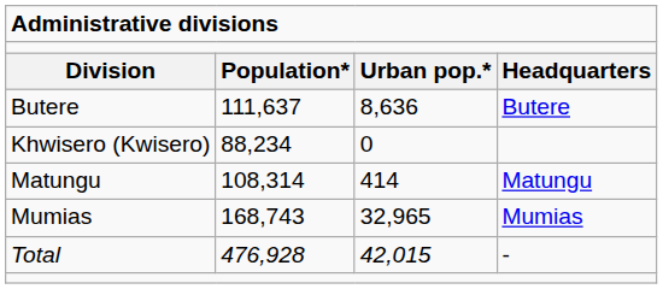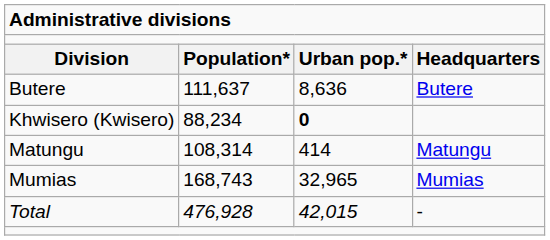 <table class="wikitable">
 <tr>
 <td colspan="4"><strong>Administrative divisions</strong></td>
 </tr>
 <tr>
 <td colspan="4"></td>
 </tr>
 <tr>
 <th>Division</th>
 <th>Population*</th>
 <th>Urban pop.*</th>
 <th>Headquarters</th>
 </tr>
 <tr>
 <td>Butere</td>
 <td>111,637</td>
 <td>8,636</td>
 <td><a href='#'>Butere</a></td>
 </tr>
 <tr>
 <td>Khwisero (Kwisero)</td>
 <td>88,234</td>
-<td>0</td>
+<td><strong>0</strong></td>
 <td></td>
 </tr>
 <tr>
 <td>Matungu</td>
 <td>108,314</td>
 <td>414</td>
 <td><a href='#'>Matungu</a></td>
 </tr>
 <tr>
 <td>Mumias</td>
 <td>168,743</td>
 <td>32,965</td>
 <td><a href='#'>Mumias</a></td>
 </tr>
 <tr>
 <td><em>Total</em></td>
 <td><em>476,928</em></td>
 <td><em>42,015</em></td>
 <td>-</td>
 </tr>
 <tr>
 <td colspan="4"></td>
 </tr>
 </table>
